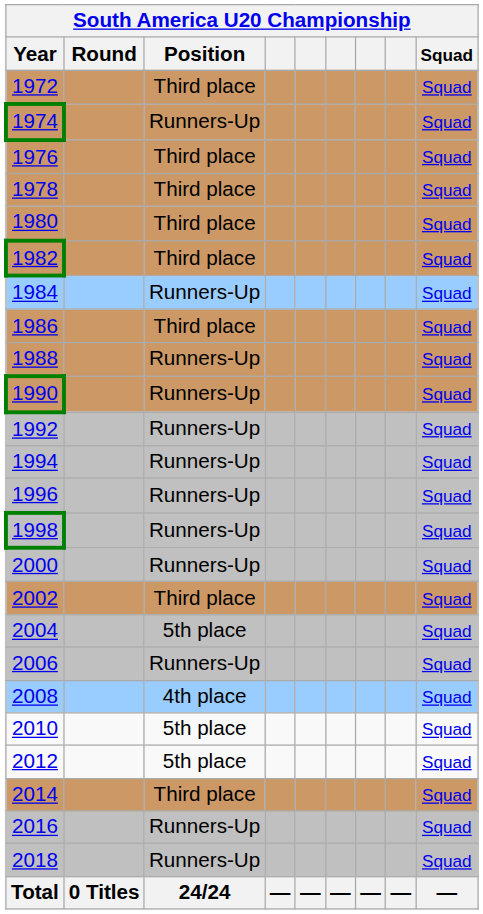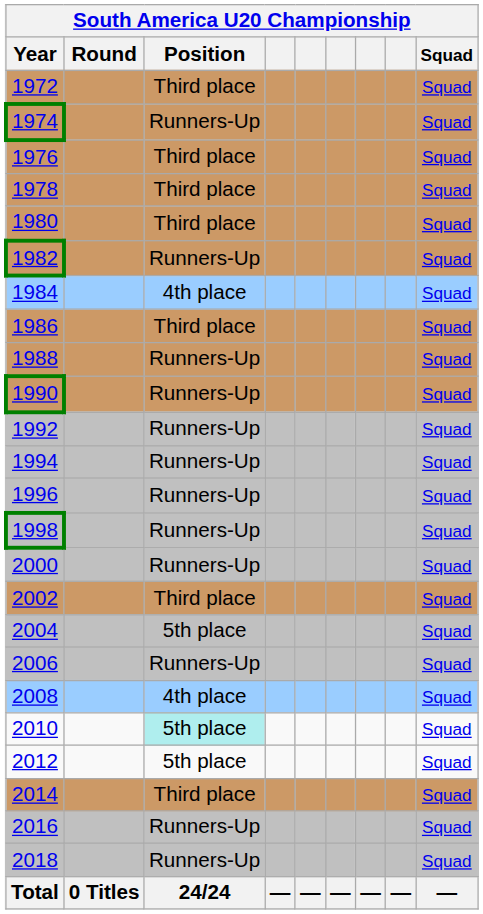 <table class="wikitable" style="text-align: center;">
 <tr>
 <th colspan=9><a href='#'>South America U20 Championship</a></th>
 </tr>
 <tr>
 <th>Year</th>
 <th>Round</th>
 <th>Position</th>
 <th></th>
 <th></th>
 <th></th>
 <th></th>
 <th></th>
 <th><small>Squad</small></th>
 </tr>
 <tr bgcolor=cc9966>
 <td> <a href='#'>1972</a></td>
 <td></td>
 <td>Third place</td>
 <td></td>
 <td></td>
 <td></td>
 <td></td>
 <td></td>
 <td><small> <a href='#'>Squad</a></small></td>
 </tr>
 <tr bgcolor=cc9966>
 <td style="border:3px solid green"> <a href='#'>1974</a></td>
 <td></td>
 <td>Runners-Up</td>
 <td></td>
 <td></td>
 <td></td>
 <td></td>
 <td></td>
 <td><small> <a href='#'>Squad</a></small></td>
 </tr>
 <tr bgcolor=cc9966>
 <td> <a href='#'>1976</a></td>
 <td></td>
 <td>Third place</td>
 <td></td>
 <td></td>
 <td></td>
 <td></td>
 <td></td>
 <td><small> <a href='#'>Squad</a></small></td>
 </tr>
 <tr bgcolor=cc9966>
 <td> <a href='#'>1978</a></td>
 <td></td>
 <td>Third place</td>
 <td></td>
 <td></td>
 <td></td>
 <td></td>
 <td></td>
 <td><small> <a href='#'>Squad</a></small></td>
 </tr>
 <tr bgcolor=cc9966>
 <td> <a href='#'>1980</a></td>
 <td></td>
 <td>Third place</td>
 <td></td>
 <td></td>
 <td></td>
 <td></td>
 <td></td>
 <td><small> <a href='#'>Squad</a></small></td>
 </tr>
 <tr bgcolor=cc9966>
 <td style="border:3px solid green"> <a href='#'>1982</a></td>
 <td></td>
-<td>Third place</td>
+<td>Runners-Up</td>
 <td></td>
 <td></td>
 <td></td>
 <td></td>
 <td></td>
 <td><small> <a href='#'>Squad</a></small></td>
 </tr>
 <tr bgcolor=9acdff>
 <td> <a href='#'>1984</a></td>
 <td></td>
-<td>Runners-Up</td>
+<td>4th place</td>
 <td></td>
 <td></td>
 <td></td>
 <td></td>
 <td></td>
 <td><small> <a href='#'>Squad</a></small></td>
 </tr>
 <tr bgcolor=cc9966>
 <td> <a href='#'>1986</a></td>
 <td></td>
 <td>Third place</td>
 <td></td>
 <td></td>
 <td></td>
 <td></td>
 <td></td>
 <td><small> <a href='#'>Squad</a></small></td>
 </tr>
 <tr bgcolor=cc9966>
 <td> <a href='#'>1988</a></td>
 <td></td>
 <td>Runners-Up</td>
 <td></td>
 <td></td>
 <td></td>
 <td></td>
 <td></td>
 <td><small> <a href='#'>Squad</a></small></td>
 </tr>
 <tr bgcolor=cc9966>
 <td style="border:3px solid green"> <a href='#'>1990</a></td>
 <td></td>
 <td>Runners-Up</td>
 <td></td>
 <td></td>
 <td></td>
 <td></td>
 <td></td>
 <td><small> <a href='#'>Squad</a></small></td>
 </tr>
 <tr bgcolor=silver>
 <td> <a href='#'>1992</a></td>
 <td></td>
 <td>Runners-Up</td>
 <td></td>
 <td></td>
 <td></td>
 <td></td>
 <td></td>
 <td><small> <a href='#'>Squad</a></small></td>
 </tr>
 <tr bgcolor=silver>
 <td> <a href='#'>1994</a></td>
 <td></td>
 <td>Runners-Up</td>
 <td></td>
 <td></td>
 <td></td>
 <td></td>
 <td></td>
 <td><small> <a href='#'>Squad</a></small></td>
 </tr>
 <tr bgcolor=silver>
 <td> <a href='#'>1996</a></td>
 <td></td>
 <td>Runners-Up</td>
 <td></td>
 <td></td>
 <td></td>
 <td></td>
 <td></td>
 <td><small> <a href='#'>Squad</a></small></td>
 </tr>
 <tr bgcolor=silver>
 <td style="border:3px solid green"> <a href='#'>1998</a></td>
 <td></td>
 <td>Runners-Up</td>
 <td></td>
 <td></td>
 <td></td>
 <td></td>
 <td></td>
 <td><small> <a href='#'>Squad</a></small></td>
 </tr>
 <tr bgcolor=silver>
 <td> <a href='#'>2000</a></td>
 <td></td>
 <td>Runners-Up</td>
 <td></td>
 <td></td>
 <td></td>
 <td></td>
 <td></td>
 <td><small> <a href='#'>Squad</a></small></td>
 </tr>
 <tr bgcolor=cc9966>
 <td> <a href='#'>2002</a></td>
 <td></td>
 <td>Third place</td>
 <td></td>
 <td></td>
 <td></td>
 <td></td>
 <td></td>
 <td><small> <a href='#'>Squad</a></small></td>
 </tr>
 <tr bgcolor=silver>
 <td> <a href='#'>2004</a></td>
 <td></td>
 <td>5th place</td>
 <td></td>
 <td></td>
 <td></td>
 <td></td>
 <td></td>
 <td><small> <a href='#'>Squad</a></small></td>
 </tr>
 <tr bgcolor=silver>
 <td> <a href='#'>2006</a></td>
 <td></td>
 <td>Runners-Up</td>
 <td></td>
 <td></td>
 <td></td>
 <td></td>
 <td></td>
 <td><small> <a href='#'>Squad</a></small></td>
 </tr>
 <tr bgcolor=9acdff>
 <td> <a href='#'>2008</a></td>
 <td></td>
 <td>4th place</td>
 <td></td>
 <td></td>
 <td></td>
 <td></td>
 <td></td>
 <td><small> <a href='#'>Squad</a></small></td>
 </tr>
 <tr>
 <td> <a href='#'>2010</a></td>
 <td></td>
-<td>5th place</td>
+<td style="background: paleturquoise;">5th place</td>
 <td></td>
 <td></td>
 <td></td>
 <td></td>
 <td></td>
 <td><small> <a href='#'>Squad</a></small></td>
 </tr>
 <tr>
 <td> <a href='#'>2012</a></td>
 <td></td>
 <td>5th place</td>
 <td></td>
 <td></td>
 <td></td>
 <td></td>
 <td></td>
 <td><small> <a href='#'>Squad</a></small></td>
 </tr>
 <tr bgcolor=cc9966>
 <td> <a href='#'>2014</a></td>
 <td></td>
 <td>Third place</td>
 <td></td>
 <td></td>
 <td></td>
 <td></td>
 <td></td>
 <td><small> <a href='#'>Squad</a></small></td>
 </tr>
 <tr bgcolor=silver>
 <td> <a href='#'>2016</a></td>
 <td></td>
 <td>Runners-Up</td>
 <td></td>
 <td></td>
 <td></td>
 <td></td>
 <td></td>
 <td><small> <a href='#'>Squad</a></small></td>
 </tr>
 <tr bgcolor=silver>
 <td> <a href='#'>2018</a></td>
 <td></td>
 <td>Runners-Up</td>
 <td></td>
 <td></td>
 <td></td>
 <td></td>
 <td></td>
 <td><small> <a href='#'>Squad</a></small></td>
 </tr>
 <tr>
 <th>Total</th>
 <th>0 Titles</th>
 <th>24/24</th>
 <th>—</th>
 <th>—</th>
 <th>—</th>
 <th>—</th>
 <th>—</th>
 <th>—</th>
 </tr>
 </table>
